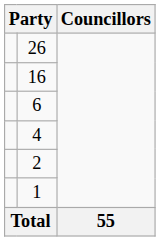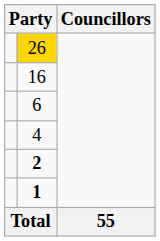 <table class="wikitable">
 <tr>
 <th colspan=2>Party</th>
 <th>Councillors</th>
 </tr>
 <tr>
 <td></td>
-<td align=center>26</td>
+<td align=center style="background: gold;">26</td>
 </tr>
 <tr>
 <td></td>
 <td align=center>16</td>
 </tr>
 <tr>
 <td></td>
 <td align=center>6</td>
 </tr>
 <tr>
 <td></td>
 <td align=center>4</td>
 </tr>
 <tr>
 <td></td>
-<td align=center>2</td>
+<td align=center><strong>2</strong></td>
 </tr>
 <tr>
 <td></td>
-<td align=center>1</td>
+<td align=center><strong>1</strong></td>
 </tr>
 <tr>
 <th colspan=2>Total</th>
 <th align=center>55</th>
 </tr>
 </table>
